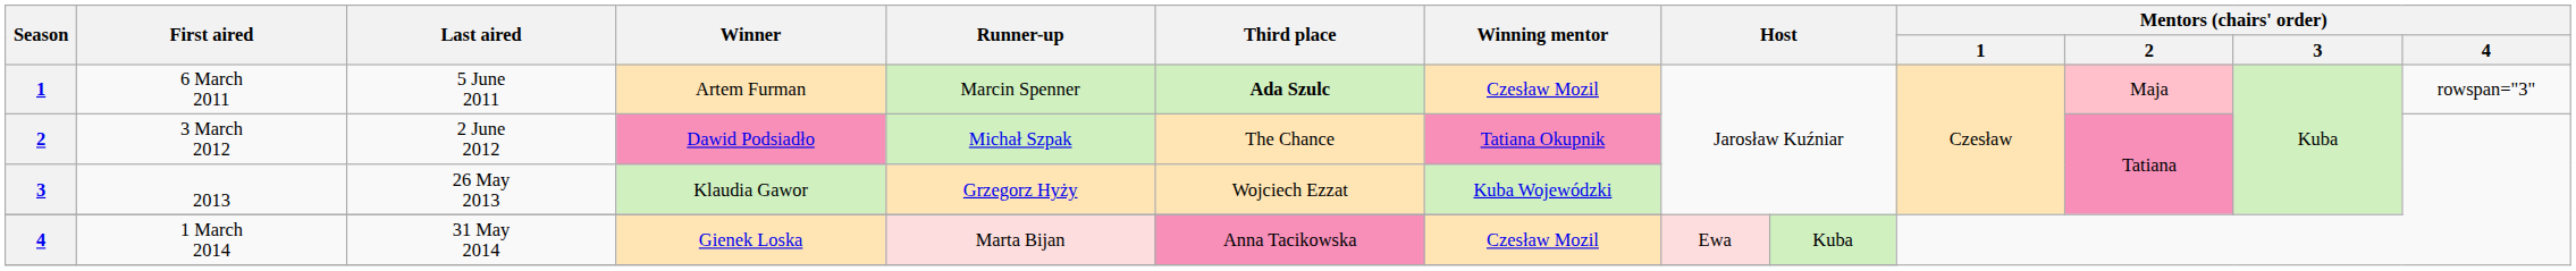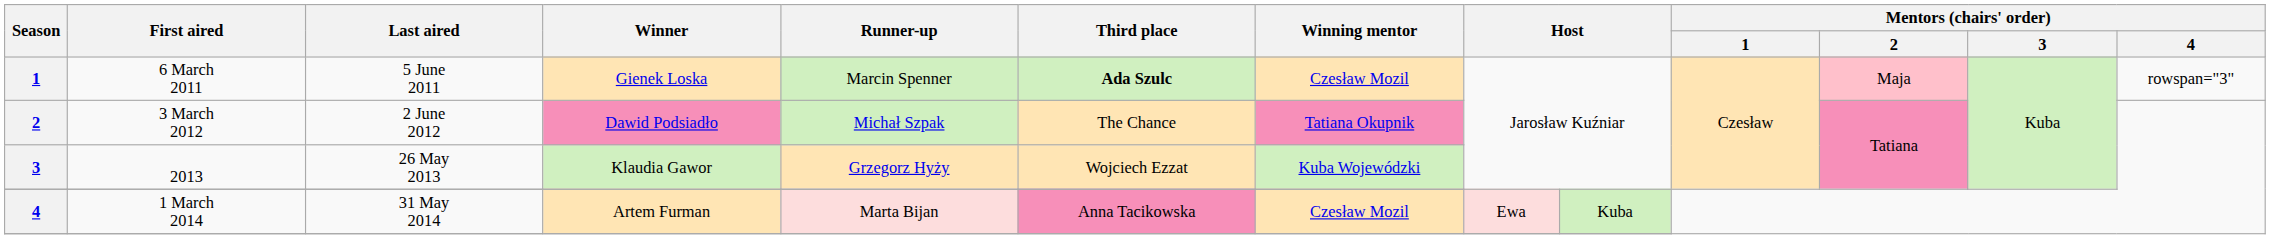 <table class="wikitable" style="text-align:center; font-size:90%; line-height:16px;" width="100%">
 <tr>
 <th scope="col" rowspan="2" width="01%">Season</th>
 <th scope="col" rowspan="2" width="08%">First aired</th>
 <th scope="col" rowspan="2" width="08%">Last aired</th>
 <th scope="col" rowspan="2" width="08%">Winner</th>
 <th scope="col" rowspan="2" width="08%">Runner-up</th>
 <th scope="col" rowspan="2" width="08%">Third place</th>
 <th scope="col" rowspan="2" width="07%">Winning mentor</th>
 <th colspan="2" rowspan="2" width="07%">Host</th>
 <th colspan="4" scope="row" width="15%">Mentors (chairs' order)</th>
 </tr>
 <tr>
 <th width="05%">1</th>
 <th width="05%">2</th>
 <th width="05%">3</th>
 <th width="05%">4</th>
 </tr>
 <tr>
 <th><a href='#'>1</a></th>
 <td>6 March <br> 2011</td>
 <td>5 June <br> 2011</td>
-<td style="background:#ffe5b4" rowspan="1">Artem Furman</td>
+<td style="background:#ffe5b4"><a href='#'>Gienek Loska</a></td>
 <td style="background:#d0f0c0">Marcin Spenner</td>
 <td style="background:#d0f0c0"><strong>Ada Szulc</strong></td>
 <td style="background:#ffe5b4"><a href='#'>Czesław Mozil</a></td>
 <td colspan="2" rowspan="4">Jarosław Kuźniar</td>
 <td rowspan="4" style="background:#ffe5b4">Czesław</td>
 <td rowspan="1" style="background:pink">Maja</td>
 <td rowspan="3" style="background:#d0f0c0">Kuba</td>
 <td>rowspan="3" </td>
 </tr>
 <tr>
 <th><a href='#'>2</a></th>
 <td>3 March <br> 2012</td>
 <td>2 June <br> 2012</td>
 <td style="background:#f78fb9"><a href='#'>Dawid Podsiadło</a></td>
 <td style="background:#d0f0c0"><a href='#'>Michał Szpak</a></td>
 <td style="background:#ffe5b4">The Chance</td>
 <td style="background:#f78fb9"><a href='#'>Tatiana Okupnik</a></td>
 <td style="background:#f78fb9" rowspan="3">Tatiana</td>
 </tr>
 <tr>
 <th><a href='#'>3</a></th>
 <td> <br> 2013</td>
 <td>26 May  <br> 2013</td>
 <td style="background:#d0f0c0" rowspan="1">Klaudia Gawor</td>
 <td style="background:#ffe5b4" rowspan="1"><a href='#'>Grzegorz Hyży</a></td>
 <td style="background:#ffe5b4" rowspan="1">Wojciech Ezzat</td>
 <td style="background:#d0f0c0"><a href='#'>Kuba Wojewódzki</a></td>
 </tr>
 <tr>
 </tr>
 <tr>
 <th><a href='#'>4</a></th>
 <td>1 March <br> 2014</td>
 <td>31 May <br> 2014</td>
-<td style="background:#ffe5b4"><a href='#'>Gienek Loska</a></td>
+<td style="background:#ffe5b4" rowspan="1">Artem Furman</td>
 <td style="background:#fddddd" rowspan="1">Marta Bijan</td>
 <td style="background:#f78fb9" rowspan="1">Anna Tacikowska</td>
 <td style="background:#ffe5b4"><a href='#'>Czesław Mozil</a></td>
 <td style="background:#fddddd" rowspan="1">Ewa</td>
 <td rowspan="1" style="background:#d0f0c0">Kuba</td>
 </tr>
 <tr>
 </tr>
 </table>
